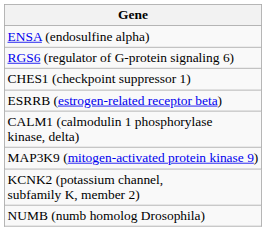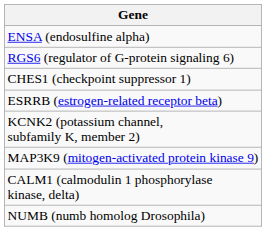 <table class="wikitable">
 <tr>
 <th>Gene</th>
 </tr>
 <tr>
 <td><a href='#'>ENSA</a> (endosulfine alpha)</td>
 </tr>
 <tr>
 <td><a href='#'>RGS6</a> (regulator of G-protein signaling 6)</td>
 </tr>
 <tr>
 <td>CHES1 (checkpoint suppressor 1)</td>
 </tr>
 <tr>
 <td>ESRRB (<a href='#'>estrogen-related receptor beta</a>)</td>
 </tr>
 <tr>
-<td>CALM1 (calmodulin 1 phosphorylase<br>kinase, delta)</td>
+<td>KCNK2 (potassium channel,<br>subfamily K, member 2)</td>
 </tr>
 <tr>
 <td>MAP3K9 (<a href='#'>mitogen-activated  protein kinase 9</a>)</td>
 </tr>
 <tr>
-<td>KCNK2 (potassium channel,<br>subfamily K, member 2)</td>
+<td>CALM1 (calmodulin 1 phosphorylase<br>kinase, delta)</td>
 </tr>
 <tr>
 <td>NUMB (numb homolog Drosophila)</td>
 </tr>
 </table>
